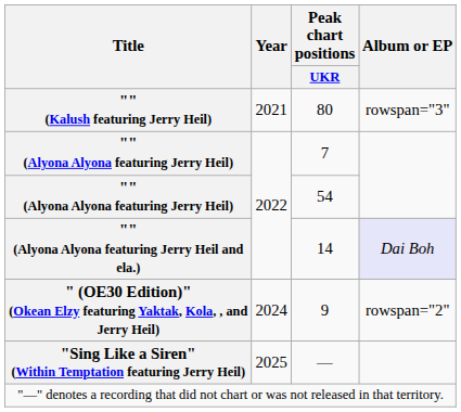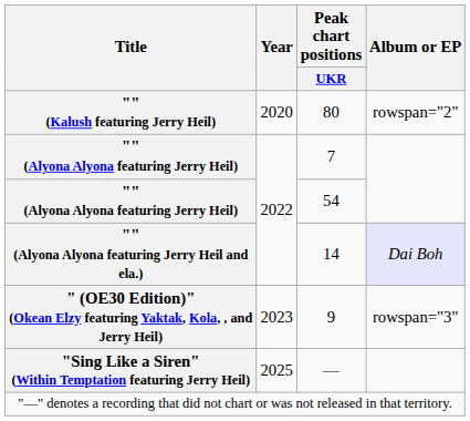 <table class="wikitable plainrowheaders" style="text-align:center;">
 <tr>
 <th scope="col" rowspan="2" style="width:15em;">Title</th>
 <th scope="col" rowspan="2">Year</th>
 <th scope="col" colspan="1">Peak chart positions</th>
 <th scope="col" rowspan="2">Album or EP</th>
 </tr>
 <tr>
 <th scope="col" style="width:3em;font-size:85%;"><a href='#'>UKR</a><br></th>
 </tr>
 <tr>
 <th scope="row">""<br><small>(<a href='#'>Kalush</a> featuring Jerry Heil)</small></th>
-<td>2021</td>
+<td>2020</td>
 <td>80</td>
-<td>rowspan="3" </td>
+<td>rowspan="2" </td>
 </tr>
 <tr>
 <th scope="row">""<br><small>(<a href='#'>Alyona Alyona</a> featuring Jerry Heil)</small></th>
 <td rowspan="3">2022</td>
 <td>7</td>
 </tr>
 <tr>
 <th scope="row">""<br><small>(Alyona Alyona featuring Jerry Heil)</small></th>
 <td>54</td>
 </tr>
 <tr>
 <th scope="row">""<br><small>(Alyona Alyona featuring Jerry Heil and ela.)</small></th>
 <td>14</td>
 <td style="background: lavender;"><em>Dai Boh</em></td>
 </tr>
 <tr>
 <th scope="row">" (OE30 Edition)"<br><small>(<a href='#'>Okean Elzy</a> featuring <a href='#'>Yaktak</a>, <a href='#'>Kola</a>, , and Jerry Heil)</small></th>
-<td>2024</td>
+<td>2023</td>
 <td>9</td>
-<td>rowspan="2" </td>
+<td>rowspan="3" </td>
 </tr>
 <tr>
 <th scope="row">"Sing Like a Siren"<br><small>(<a href='#'>Within Temptation</a> featuring Jerry Heil)</small></th>
 <td>2025</td>
 <td>—</td>
 </tr>
 <tr>
 <td colspan="5" style="font-size:85%">"—" denotes a recording that did not chart or was not released in that territory.</td>
 </tr>
 </table>
